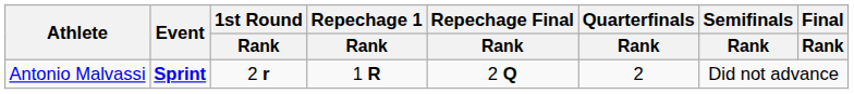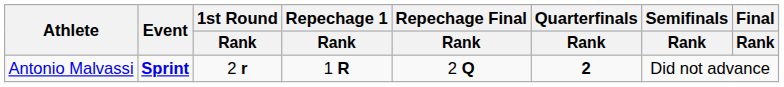 <table class=wikitable style=font-size:90%;text-align:center>
 <tr>
 <th rowspan=2>Athlete</th>
 <th rowspan=2>Event</th>
 <th>1st Round</th>
 <th>Repechage 1</th>
 <th>Repechage Final</th>
 <th>Quarterfinals</th>
 <th>Semifinals</th>
 <th>Final</th>
 </tr>
 <tr style=font-size:95%>
 <th>Rank</th>
 <th>Rank</th>
 <th>Rank</th>
 <th>Rank</th>
 <th>Rank</th>
 <th>Rank</th>
 </tr>
 <tr>
 <td align=left><a href='#'>Antonio Malvassi</a></td>
 <td align=left><strong><a href='#'>Sprint</a></strong></td>
 <td>2 <strong>r</strong></td>
 <td>1 <strong>R</strong></td>
 <td>2 <strong>Q</strong></td>
-<td>2</td>
+<td><strong>2</strong></td>
 <td colspan=2>Did not advance</td>
 </tr>
 </table>
